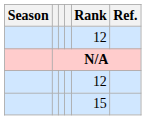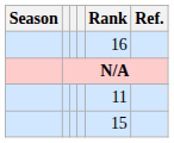 <table class="wikitable plainrowheaders sortable">
 <tr>
 <th scope=col>Season</th>
 <th scope=col></th>
 <th scope=col></th>
 <th scope=col></th>
 <th scope=col>Rank</th>
 <th scope=col class="unsortable">Ref.</th>
 </tr>
 <tr style="background-color: #D0E7FF">
 <th scope=row style="background-color: #D0E7FF" align=right></th>
 <td align=right></td>
 <td align=right></td>
 <td align=right></td>
-<td align=right>12</td>
+<td align=right>16</td>
 <td align=center></td>
 </tr>
 <tr style="background-color: #FFCCCC">
 <th scope=row style="background-color: #FFCCCC" align=right></th>
 <th colspan="5" style="background-color: #FFCCCC">N/A</th>
 </tr>
 <tr style="background-color: #D0E7FF">
 <th scope=row style="background-color: #D0E7FF" align=right></th>
 <td align=right></td>
 <td align="right"></td>
 <td align=right></td>
-<td align=right>12</td>
+<td align=right>11</td>
 <td align=center></td>
 </tr>
 <tr style="background-color: #D0E7FF">
 <th scope=row style="background-color: #D0E7FF" align=right></th>
 <td align=right></td>
 <td align=right></td>
 <td align=right></td>
 <td align=right>15</td>
 <td align=center></td>
 </tr>
 </table>
